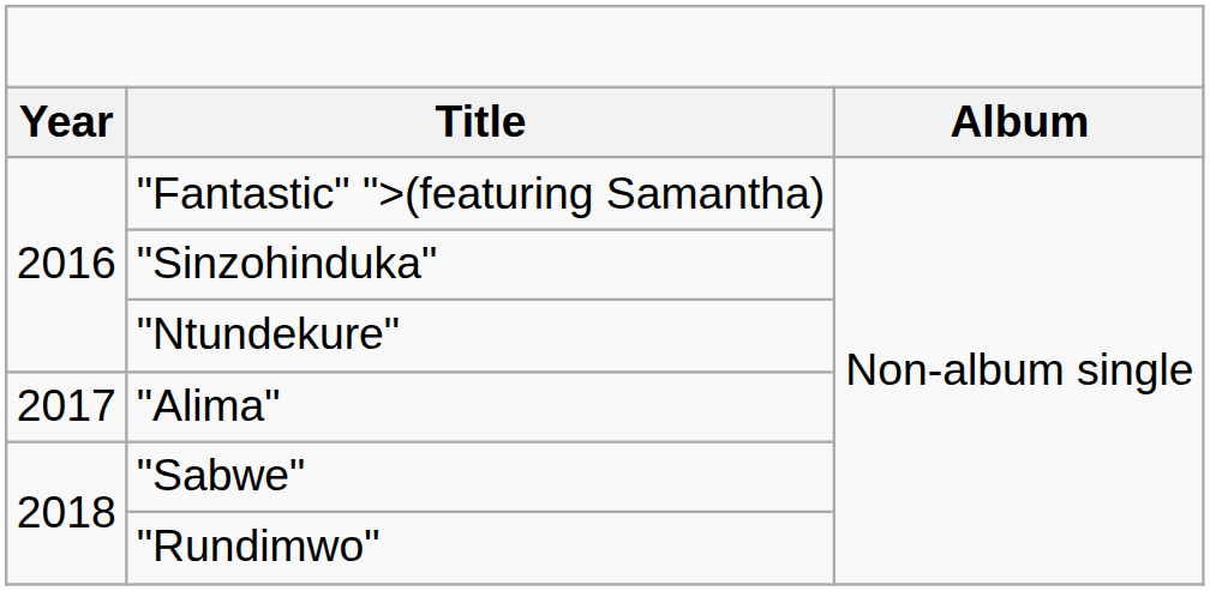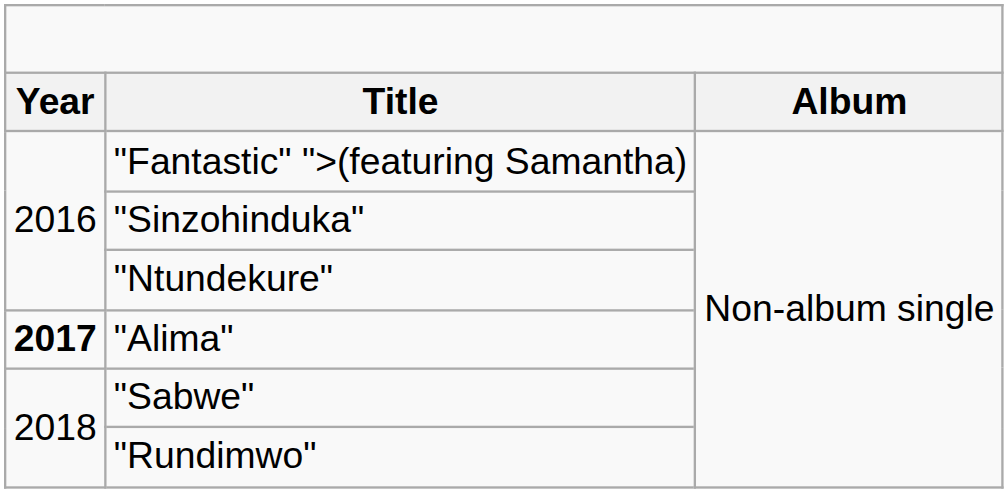 <table class="wikitable sortable">
 <tr>
 <td colspan="3" style="font-size:110%"><br></td>
 </tr>
 <tr>
 <th>Year</th>
 <th>Title</th>
 <th>Album</th>
 </tr>
 <tr>
 <td rowspan="3">2016</td>
 <td>"Fantastic" <span>">(featuring Samantha)</span></td>
 <td rowspan="10">Non-album single</td>
 </tr>
 <tr>
 <td>"Sinzohinduka"</td>
 </tr>
 <tr>
 <td>"Ntundekure"</td>
 </tr>
 <tr>
-<td>2017</td>
+<td><strong>2017</strong></td>
 <td>"Alima"</td>
 </tr>
 <tr>
 <td rowspan="2">2018</td>
 <td>"Sabwe"</td>
 </tr>
 <tr>
 <td>"Rundimwo"</td>
 </tr>
 </table>
